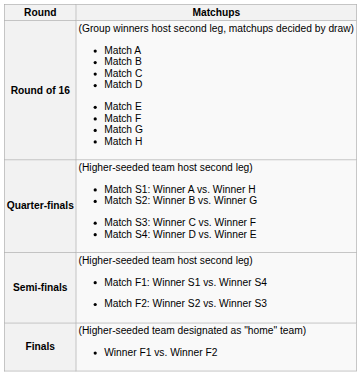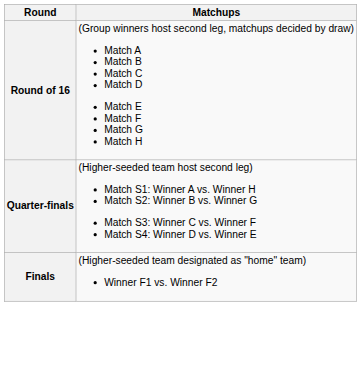 <table class=wikitable>
 <tr>
 <th>Round</th>
 <th>Matchups</th>
 </tr>
 <tr>
 <th>Round of 16</th>
 <td>(Group winners host second leg, matchups decided by draw)<br> <ul><li>Match A</li><li>Match B</li><li>Match C</li><li>Match D</li></ul><ul><li>Match E</li><li>Match F</li><li>Match G</li><li>Match H</li></ul></td>
 </tr>
 <tr>
 <th>Quarter-finals</th>
 <td>(Higher-seeded team host second leg)<br> <ul><li>Match S1: Winner A vs. Winner H</li><li>Match S2: Winner B vs. Winner G</li></ul><ul><li>Match S3: Winner C vs. Winner F</li><li>Match S4: Winner D vs. Winner E</li></ul></td>
 </tr>
 <tr>
-<th>Semi-finals</th>
-<td>(Higher-seeded team host second leg)<br> <ul><li>Match F1: Winner S1 vs. Winner S4</li></ul><ul><li>Match F2: Winner S2 vs. Winner S3</li></ul></td>
-</tr>
-<tr>
 <th>Finals</th>
 <td>(Higher-seeded team designated as "home" team)<br><ul><li>Winner F1 vs. Winner F2</li></ul></td>
 </tr>
 </table>
